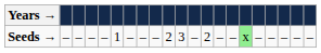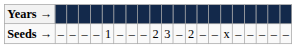 <table class="wikitable">
 <tr>
 <th>Years →</th>
 <th style="background: #13294B;"><a href='#'></a></th>
 <th style="background: #13294B;"><a href='#'></a></th>
 <th style="background: #13294B;"><a href='#'></a></th>
 <th style="background: #13294B;"><a href='#'></a></th>
 <th style="background: #13294B;"><a href='#'></a></th>
 <th style="background: #13294B;"><a href='#'></a></th>
 <th style="background: #13294B;"><a href='#'></a></th>
 <th style="background: #13294B;"><a href='#'></a></th>
 <th style="background: #13294B;"><a href='#'></a></th>
 <th style="background: #13294B;"><a href='#'></a></th>
 <th style="background: #13294B;"><a href='#'></a></th>
 <th style="background: #13294B;"><a href='#'></a></th>
 <th style="background: #13294B;"><a href='#'></a></th>
 <th style="background: #13294B;"><a href='#'></a></th>
 <th style="background: #13294B;"><a href='#'></a></th>
 <th style="background: #13294B;"><a href='#'></a></th>
 <th style="background: #13294B;"><a href='#'></a></th>
 <th style="background: #13294B;"><a href='#'></a></th>
 <th style="background: #13294B;"><a href='#'></a></th>
 <th style="background: #13294B;"><a href='#'></a></th>
 </tr>
 <tr align=center>
 <td style="text-align:left; "><strong>Seeds →</strong></td>
 <td>–</td>
 <td>–</td>
 <td>–</td>
 <td>–</td>
 <td>1</td>
 <td>–</td>
 <td>–</td>
 <td>–</td>
 <td>2</td>
 <td>3</td>
 <td>–</td>
 <td>2</td>
 <td>–</td>
 <td>–</td>
-<td style="background: lightgreen;">x</td>
+<td>x</td>
 <td>–</td>
 <td>–</td>
 <td>–</td>
 <td>–</td>
 <td>–</td>
 </tr>
 </table>
